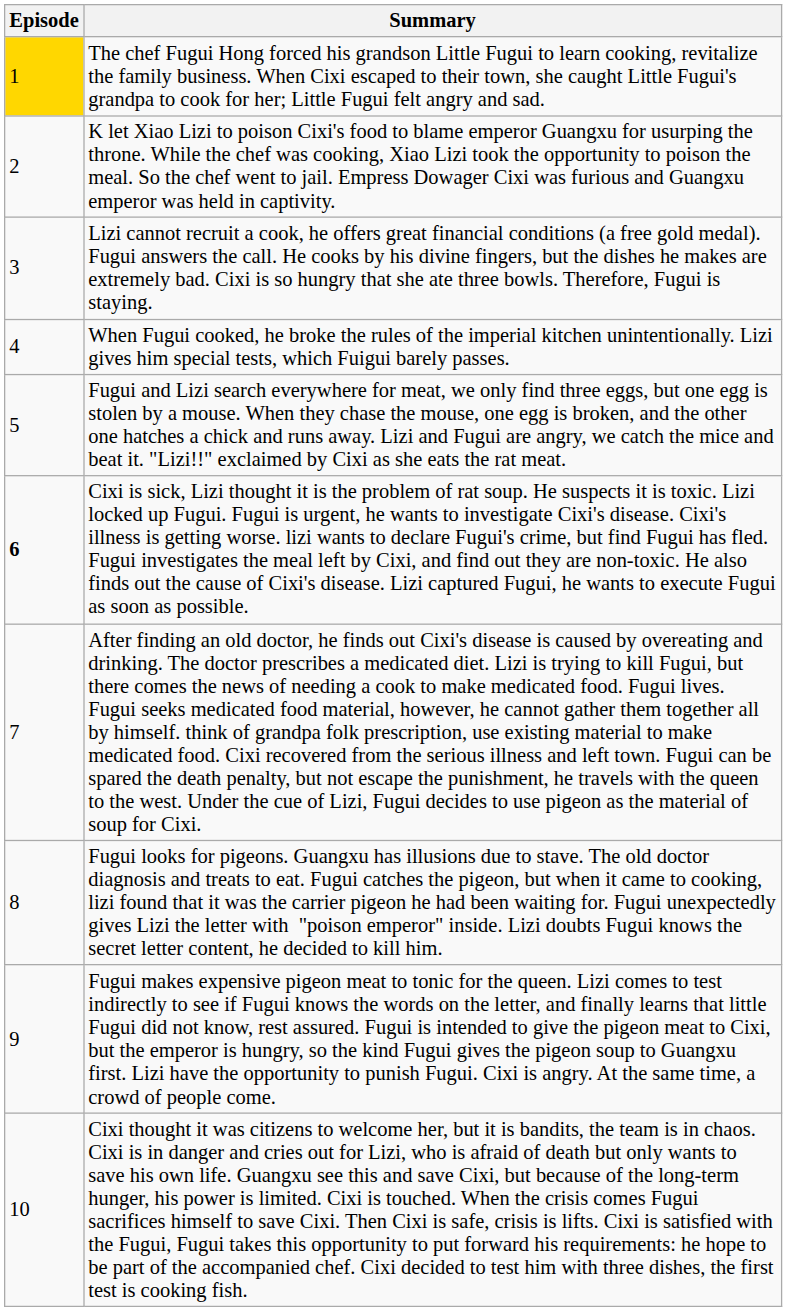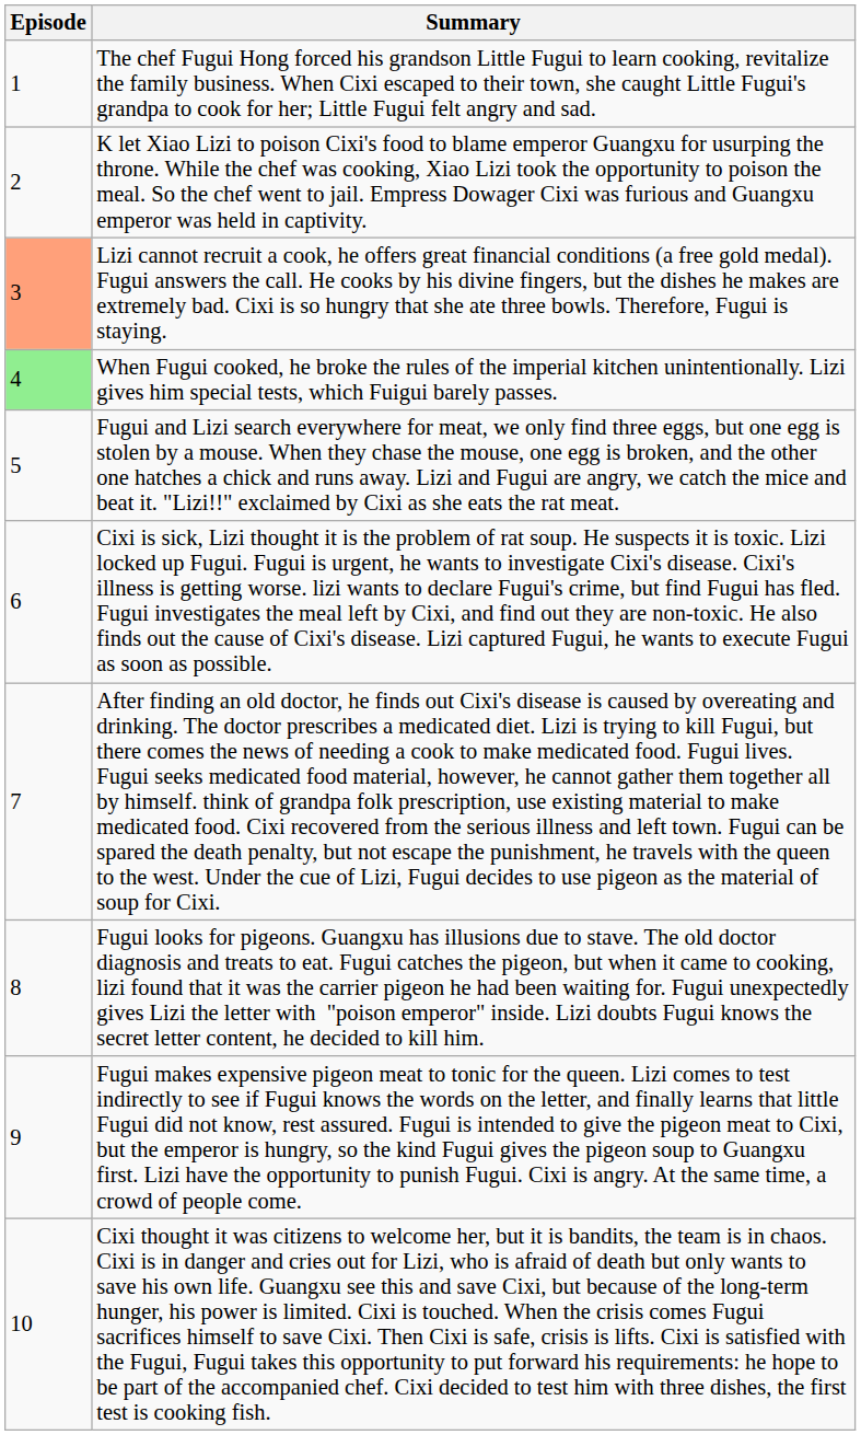 <table class="wikitable">
 <tr>
 <th>Episode</th>
 <th>Summary</th>
 </tr>
 <tr>
-<td style="background: gold;">1</td>
+<td>1</td>
 <td>The chef Fugui Hong forced his grandson Little Fugui to learn cooking, revitalize the family business. When Cixi escaped to their town, she caught Little Fugui's grandpa to cook for her; Little Fugui felt angry and sad.</td>
 </tr>
 <tr>
 <td>2</td>
 <td>K let Xiao Lizi to poison Cixi's food to blame emperor Guangxu for usurping the throne. While the chef was cooking, Xiao Lizi took the opportunity to poison the meal. So the chef went to jail. Empress Dowager Cixi was furious and Guangxu emperor was held in captivity.</td>
 </tr>
 <tr>
-<td>3</td>
+<td style="background: lightsalmon;">3</td>
 <td>Lizi cannot recruit a cook, he offers great financial conditions (a free gold medal). Fugui answers the call. He cooks by his divine fingers, but the dishes he makes are extremely bad. Cixi is so hungry that she ate three bowls. Therefore, Fugui is staying.</td>
 </tr>
 <tr>
-<td>4</td>
+<td style="background: lightgreen;">4</td>
 <td>When Fugui cooked, he broke the rules of the imperial kitchen unintentionally. Lizi gives him special tests, which Fuigui barely passes.</td>
 </tr>
 <tr>
 <td>5</td>
 <td>Fugui and Lizi search everywhere for meat, we only find three eggs, but one egg is stolen by a mouse. When they chase the mouse, one egg is broken, and the other one hatches a chick and runs away. Lizi and Fugui are angry, we catch the mice and beat it. "Lizi!!" exclaimed by Cixi as she eats the rat meat.</td>
 </tr>
 <tr>
-<td><strong>6</strong></td>
+<td>6</td>
 <td>Cixi is sick, Lizi thought it is the problem of rat soup. He suspects it is toxic. Lizi locked up Fugui. Fugui is urgent, he wants to investigate Cixi's disease. Cixi's illness is getting worse. lizi wants to declare Fugui's crime, but find Fugui has fled. Fugui investigates the meal left by Cixi, and find out they are non-toxic. He also finds out the cause of Cixi's disease. Lizi captured Fugui, he wants to execute Fugui as soon as possible.</td>
 </tr>
 <tr>
 <td>7</td>
 <td>After finding an old doctor, he finds out Cixi's disease is caused by overeating and drinking. The doctor prescribes a medicated diet. Lizi is trying to kill Fugui, but there comes the news of needing a cook to make medicated food. Fugui lives. Fugui seeks medicated food material, however, he cannot gather them together all by himself. think of grandpa folk prescription, use existing material to make medicated food. Cixi recovered from the serious illness and left town. Fugui can be spared the death penalty, but not escape the punishment, he travels with the queen to the west. Under the cue of Lizi, Fugui decides to use pigeon as the material of soup for Cixi.</td>
 </tr>
 <tr>
 <td>8</td>
 <td>Fugui looks for pigeons. Guangxu has illusions due to stave. The old doctor diagnosis and treats to eat. Fugui catches the pigeon, but when it came to cooking, lizi found that it was the carrier pigeon he had been waiting for. Fugui unexpectedly gives Lizi the letter with  "poison emperor" inside. Lizi doubts Fugui knows the secret letter content, he decided to kill him.</td>
 </tr>
 <tr>
 <td>9</td>
 <td>Fugui makes expensive pigeon meat to tonic for the queen. Lizi comes to test indirectly to see if Fugui knows the words on the letter, and finally learns that little Fugui did not know, rest assured. Fugui is intended to give the pigeon meat to Cixi, but the emperor is hungry, so the kind Fugui gives the pigeon soup to Guangxu first. Lizi have the opportunity to punish Fugui. Cixi is angry. At the same time, a crowd of people come.</td>
 </tr>
 <tr>
 <td>10</td>
 <td>Cixi thought it was citizens to welcome her, but it is bandits, the team is in chaos. Cixi is in danger and cries out for Lizi, who is afraid of death but only wants to save his own life. Guangxu see this and save Cixi, but because of the long-term hunger, his power is limited. Cixi is touched. When the crisis comes Fugui sacrifices himself to save Cixi. Then Cixi is safe, crisis is lifts. Cixi is satisfied with the Fugui, Fugui takes this opportunity to put forward his requirements: he hope to be part of the accompanied chef. Cixi decided to test him with three dishes, the first test is cooking fish.</td>
 </tr>
 </table>
